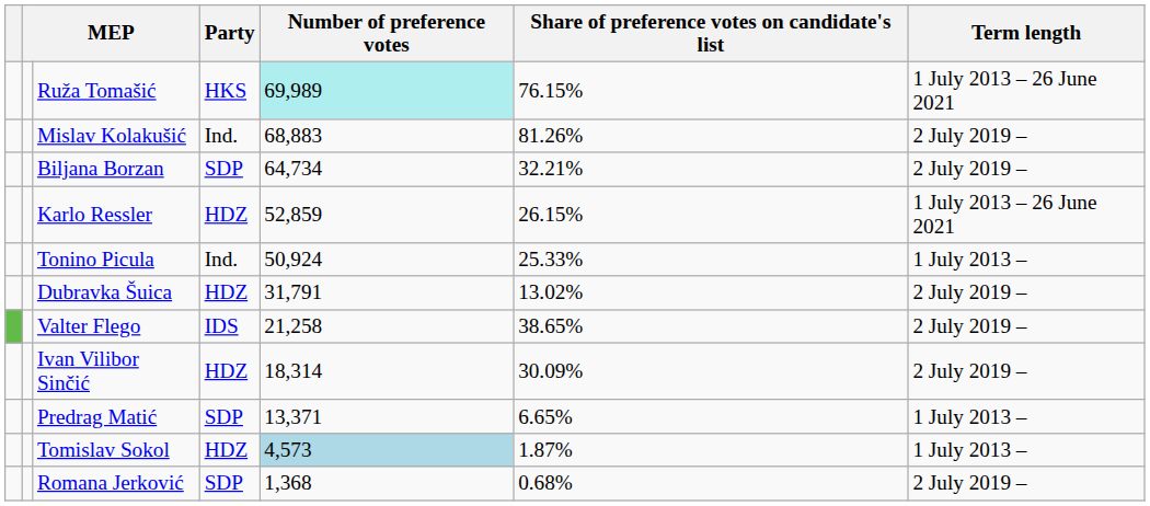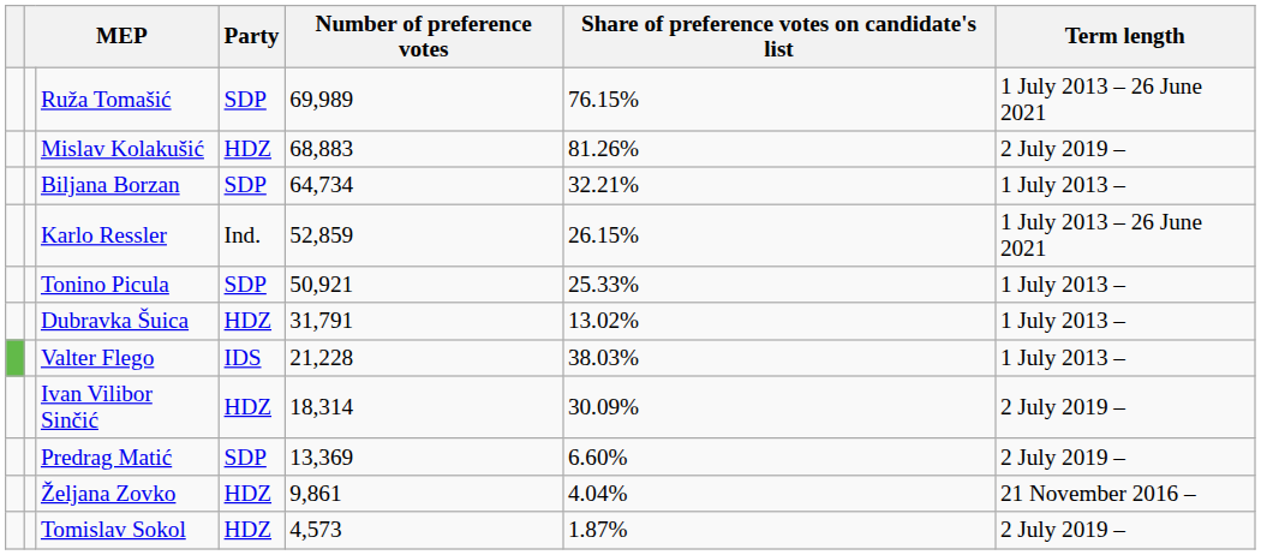 <table class="wikitable">
 <tr>
 <th colspan="1" width=6px></th>
 <th colspan="2">MEP</th>
 <th>Party</th>
 <th>Number of preference votes</th>
 <th>Share of preference votes on candidate's list</th>
 <th>Term length</th>
 </tr>
 <tr>
 <td style="background-color: "></td>
 <td></td>
 <td><a href='#'>Ruža Tomašić</a></td>
-<td><a href='#'>HKS</a></td>
-<td style="background: paleturquoise;">69,989</td>
+<td><a href='#'>SDP</a></td>
+<td>69,989</td>
 <td>76.15%</td>
 <td>1 July 2013 – 26 June 2021</td>
 </tr>
 <tr>
 <td style="background-color: "></td>
 <td></td>
 <td><a href='#'>Mislav Kolakušić</a></td>
-<td>Ind.</td>
+<td><a href='#'>HDZ</a></td>
 <td>68,883</td>
 <td>81.26%</td>
 <td>2 July 2019 –</td>
 </tr>
 <tr>
 <td style="background-color: "></td>
 <td></td>
 <td><a href='#'>Biljana Borzan</a></td>
 <td><a href='#'>SDP</a></td>
 <td>64,734</td>
 <td>32.21%</td>
-<td>2 July 2019 –</td>
+<td>1 July 2013 –</td>
 </tr>
 <tr>
 <td style="background-color: "></td>
 <td></td>
 <td><a href='#'>Karlo Ressler</a></td>
-<td><a href='#'>HDZ</a></td>
+<td>Ind.</td>
 <td>52,859</td>
 <td>26.15%</td>
 <td>1 July 2013 – 26 June 2021</td>
 </tr>
 <tr>
 <td style="background-color: "></td>
 <td></td>
 <td><a href='#'>Tonino Picula</a></td>
-<td>Ind.</td>
-<td>50,924</td>
+<td><a href='#'>SDP</a></td>
+<td>50,921</td>
 <td>25.33%</td>
 <td>1 July 2013 –</td>
 </tr>
 <tr>
 <td style="background-color: "></td>
 <td></td>
 <td><a href='#'>Dubravka Šuica</a></td>
 <td><a href='#'>HDZ</a></td>
 <td>31,791</td>
 <td>13.02%</td>
-<td>2 July 2019 –</td>
+<td>1 July 2013 –</td>
 </tr>
 <tr>
 <td style="background-color: #62ba49"></td>
 <td></td>
 <td><a href='#'>Valter Flego</a></td>
 <td><a href='#'>IDS</a></td>
-<td>21,258</td>
-<td>38.65%</td>
-<td>2 July 2019 –</td>
+<td>21,228</td>
+<td>38.03%</td>
+<td>1 July 2013 –</td>
 </tr>
 <tr>
 <td style="background-color: "></td>
 <td></td>
 <td><a href='#'>Ivan Vilibor Sinčić</a></td>
 <td><a href='#'>HDZ</a></td>
 <td>18,314</td>
 <td>30.09%</td>
 <td>2 July 2019 –</td>
 </tr>
 <tr>
 <td style="background-color: "></td>
 <td></td>
 <td><a href='#'>Predrag Matić</a></td>
 <td><a href='#'>SDP</a></td>
-<td>13,371</td>
-<td>6.65%</td>
-<td>1 July 2013 –</td>
+<td>13,369</td>
+<td>6.60%</td>
+<td>2 July 2019 –</td>
+</tr>
+<tr>
+<td style="background-color: "></td>
+<td></td>
+<td><a href='#'>Željana Zovko</a></td>
+<td><a href='#'>HDZ</a></td>
+<td>9,861</td>
+<td>4.04%</td>
+<td>21 November 2016 –</td>
 </tr>
 <tr>
 <td style="background-color: "></td>
 <td></td>
 <td><a href='#'>Tomislav Sokol</a></td>
 <td><a href='#'>HDZ</a></td>
-<td style="background: lightblue;">4,573</td>
+<td>4,573</td>
 <td>1.87%</td>
-<td>1 July 2013 –</td>
-</tr>
-<tr>
-<td style="background-color: "></td>
-<td></td>
-<td><a href='#'>Romana Jerković</a></td>
-<td><a href='#'>SDP</a></td>
-<td>1,368</td>
-<td>0.68%</td>
 <td>2 July 2019 –</td>
 </tr>
 </table>
